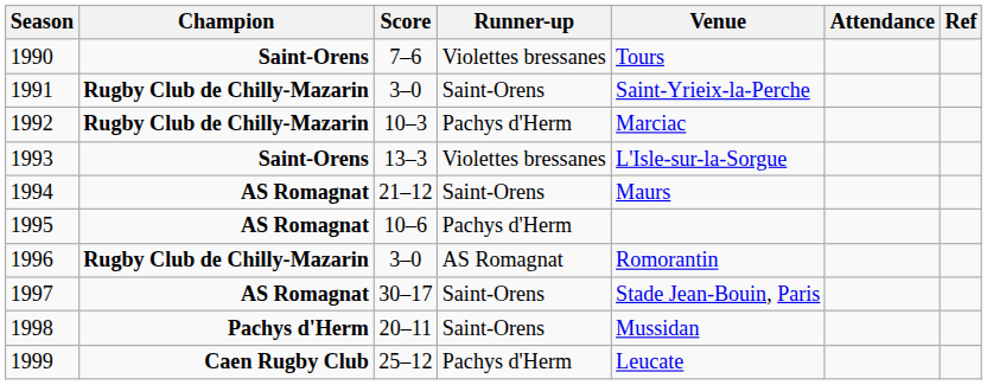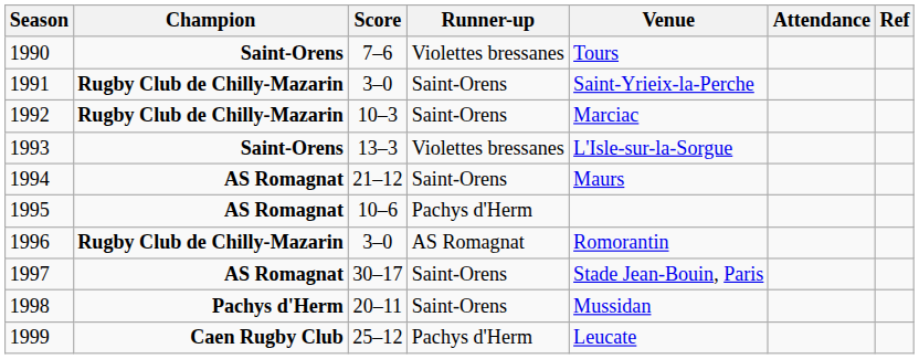 <table class="wikitable">
 <tr>
 <th>Season</th>
 <th> Champion</th>
 <th>Score</th>
 <th> Runner-up</th>
 <th>Venue</th>
 <th>Attendance</th>
 <th>Ref</th>
 </tr>
 <tr>
 <td>1990</td>
 <td style="text-align:right;"><strong>Saint-Orens</strong></td>
 <td style="text-align:center;">7–6</td>
 <td style="text-align:left;">Violettes bressanes</td>
 <td><a href='#'>Tours</a></td>
 <td></td>
 <td></td>
 </tr>
 <tr>
 <td>1991</td>
 <td style="text-align:right;"><strong>Rugby Club de Chilly-Mazarin</strong></td>
 <td style="text-align:center;">3–0</td>
 <td style="text-align:left;">Saint-Orens</td>
 <td><a href='#'>Saint-Yrieix-la-Perche</a></td>
 <td></td>
 <td></td>
 </tr>
 <tr>
 <td>1992</td>
 <td style="text-align:right;"><strong>Rugby Club de Chilly-Mazarin</strong></td>
 <td style="text-align:center;">10–3</td>
-<td style="text-align:left;">Pachys d'Herm</td>
+<td style="text-align:left;">Saint-Orens</td>
 <td><a href='#'>Marciac</a></td>
 <td></td>
 <td></td>
 </tr>
 <tr>
 <td>1993</td>
 <td style="text-align:right;"><strong>Saint-Orens</strong></td>
 <td style="text-align:center;">13–3</td>
 <td style="text-align:left;">Violettes bressanes</td>
 <td><a href='#'>L'Isle-sur-la-Sorgue</a></td>
 <td></td>
 <td></td>
 </tr>
 <tr>
 <td>1994</td>
 <td style="text-align:right;"><strong>AS Romagnat</strong></td>
 <td style="text-align:center;">21–12</td>
 <td style="text-align:left;">Saint-Orens</td>
 <td><a href='#'>Maurs</a></td>
 <td></td>
 <td></td>
 </tr>
 <tr>
 <td>1995</td>
 <td style="text-align:right;"><strong>AS Romagnat</strong></td>
 <td style="text-align:center;">10–6</td>
 <td style="text-align:left;">Pachys d'Herm</td>
 <td></td>
 <td></td>
 <td></td>
 </tr>
 <tr>
 <td>1996</td>
 <td style="text-align:right;"><strong>Rugby Club de Chilly-Mazarin</strong></td>
 <td style="text-align:center;">3–0</td>
 <td style="text-align:left;">AS Romagnat</td>
 <td><a href='#'>Romorantin</a></td>
 <td></td>
 <td></td>
 </tr>
 <tr>
 <td>1997</td>
 <td style="text-align:right;"><strong>AS Romagnat</strong></td>
 <td style="text-align:center;">30–17</td>
 <td style="text-align:left;">Saint-Orens</td>
 <td><a href='#'>Stade Jean-Bouin</a>, <a href='#'>Paris</a></td>
 <td></td>
 <td></td>
 </tr>
 <tr>
 <td>1998</td>
 <td style="text-align:right;"><strong>Pachys d'Herm</strong></td>
 <td style="text-align:center;">20–11</td>
 <td style="text-align:left;">Saint-Orens</td>
 <td><a href='#'>Mussidan</a></td>
 <td></td>
 <td></td>
 </tr>
 <tr>
 <td>1999</td>
 <td style="text-align:right;"><strong>Caen Rugby Club</strong></td>
 <td style="text-align:center;">25–12</td>
 <td style="text-align:left;">Pachys d'Herm</td>
 <td><a href='#'>Leucate</a></td>
 <td></td>
 </tr>
 </table>
